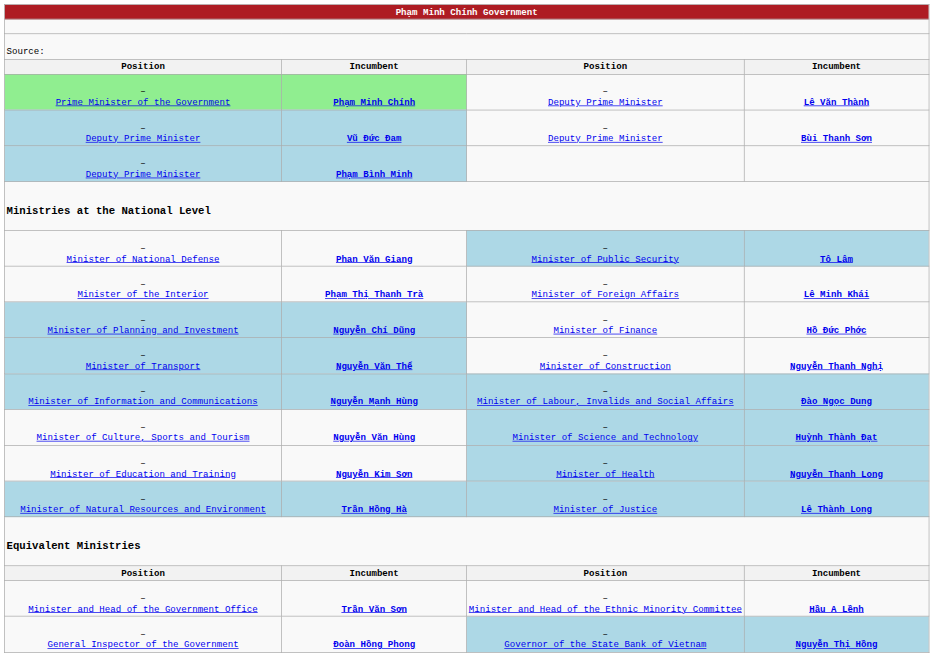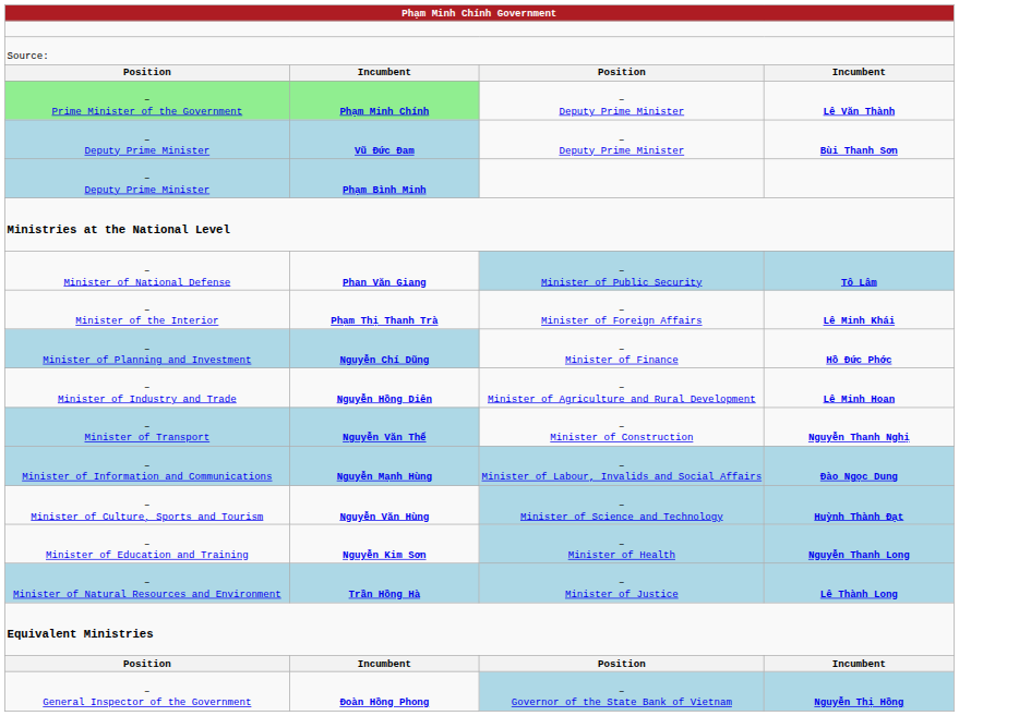 <table class="wikitable mw-collapsible mw-collapsed" style="text-align:center">
 <tr>
 <th colspan="4" style="text-align:center; font-size:100%; color:white; background:#AE1C23;">Phạm Minh Chính Government</th>
 </tr>
 <tr>
 <td colspan="4" style="text-align:left"><br></td>
 </tr>
 <tr>
 <td colspan="4" style="text-align:left"><br>Source:</td>
 </tr>
 <tr>
 <th scope="col" style="width: 30%;">Position<br></th>
 <th scope="col" style="width: 20%;">Incumbent</th>
 <th scope="col" style="width: 30%;">Position<br></th>
 <th scope="col" style="width: 20%;">Incumbent</th>
 </tr>
 <tr>
 <td style="background: #90EE90;"><br>–<br><a href='#'>Prime Minister of the Government</a><br></td>
 <td style="background: #90EE90;"><br><br><strong><a href='#'>Phạm Minh Chính</a></strong><br></td>
 <td><br>–<br><a href='#'>Deputy Prime Minister</a><br></td>
 <td><br><br><strong><a href='#'>Lê Văn Thành</a></strong><br></td>
 </tr>
 <tr>
 <td style="background:lightblue;"><br>–<br><a href='#'>Deputy Prime Minister</a><br></td>
 <td style="background:lightblue;"><br><br><strong><a href='#'>Vũ Đức Đam</a></strong><br></td>
 <td><br>–<br><a href='#'>Deputy Prime Minister</a><br></td>
 <td><br><br><strong><a href='#'>Bùi Thanh Sơn</a></strong><br></td>
 </tr>
 <tr>
 <td style="background:lightblue;"><br>–<br><a href='#'>Deputy Prime Minister</a><br></td>
 <td style="background:lightblue;"><br><br><strong><a href='#'>Phạm Bình Minh</a></strong><br></td>
 <td></td>
 <td></td>
 </tr>
 <tr>
 <td colspan="4" style="text-align:left"><br><h3>Ministries at the National Level</h3></td>
 </tr>
 <tr>
 <td><br>–<br><a href='#'>Minister of National Defense</a> <br></td>
 <td><br><br><strong><a href='#'>Phan Văn Giang</a></strong><br></td>
 <td style="background:lightblue;"><br>–<br><a href='#'>Minister of Public Security</a><br></td>
 <td style="background:lightblue;"><br><br><strong><a href='#'>Tô Lâm</a></strong><br></td>
 </tr>
 <tr>
 <td><br>–<br><a href='#'>Minister of the Interior</a><br></td>
 <td><br><br><strong><a href='#'>Phạm Thị Thanh Trà</a></strong><br></td>
 <td><br>–<br><a href='#'>Minister of Foreign Affairs</a><br></td>
 <td><br><br><strong><a href='#'>Lê Minh Khái</a></strong><br></td>
 </tr>
 <tr>
 <td style="background:lightblue;"><br>–<br><a href='#'>Minister of Planning and Investment</a><br></td>
 <td style="background:lightblue;"><br><br><strong><a href='#'>Nguyễn Chí Dũng</a></strong><br></td>
 <td><br>–<br><a href='#'>Minister of Finance</a><br></td>
 <td><br><br><strong><a href='#'>Hồ Đức Phớc</a></strong><br></td>
 </tr>
 <tr>
+<td><br>–<br><a href='#'>Minister of Industry and Trade</a><br></td>
+<td><br><br><strong><a href='#'>Nguyễn Hồng Diên</a></strong><br></td>
+<td><br>–<br><a href='#'>Minister of Agriculture and Rural Development</a><br></td>
+<td><br><br><strong><a href='#'>Lê Minh Hoan</a></strong><br></td>
+</tr>
+<tr>
 <td style="background:lightblue;"><br>–<br><a href='#'>Minister of Transport</a><br></td>
 <td style="background:lightblue;"><br><br><strong><a href='#'>Nguyễn Văn Thể</a></strong><br></td>
 <td><br>–<br><a href='#'>Minister of Construction</a><br></td>
 <td><br><br><strong><a href='#'>Nguyễn Thanh Nghị</a></strong><br></td>
 </tr>
 <tr>
 <td style="background:lightblue;"><br>–<br><a href='#'>Minister of Information and Communications</a><br></td>
 <td style="background:lightblue;"><br><br><strong><a href='#'>Nguyễn Mạnh Hùng</a></strong><br></td>
 <td style="background:lightblue;"><br>–<br><a href='#'>Minister of Labour, Invalids and Social Affairs</a><br></td>
 <td style="background:lightblue;"><br><br><strong><a href='#'>Đào Ngọc Dung</a></strong><br></td>
 </tr>
 <tr>
 <td><br>–<br><a href='#'>Minister of Culture, Sports and Tourism</a><br></td>
 <td><br><br><strong><a href='#'>Nguyễn Văn Hùng</a></strong><br></td>
 <td style="background:lightblue;"><br>–<br><a href='#'>Minister of Science and Technology</a><br></td>
 <td style="background:lightblue;"><br><br><strong><a href='#'>Huỳnh Thành Đạt</a></strong><br></td>
 </tr>
 <tr>
 <td><br>–<br><a href='#'>Minister of Education and Training</a><br></td>
 <td><br><br><strong><a href='#'>Nguyễn Kim Sơn</a></strong><br></td>
 <td style="background:lightblue;"><br>–<br><a href='#'>Minister of Health</a><br></td>
 <td style="background:lightblue;"><br><br><strong><a href='#'>Nguyễn Thanh Long</a></strong><br></td>
 </tr>
 <tr>
 <td style="background:lightblue;"><br>–<br><a href='#'>Minister of Natural Resources and Environment</a><br></td>
 <td style="background:lightblue;"><br><br><strong><a href='#'>Trần Hồng Hà</a></strong><br></td>
 <td style="background:lightblue;"><br>–<br><a href='#'>Minister of Justice</a><br></td>
 <td style="background:lightblue;"><br><br><strong><a href='#'>Lê Thành Long</a></strong><br></td>
 </tr>
 <tr>
 <td colspan="4" style="text-align:left"><br><h3>Equivalent Ministries</h3></td>
 </tr>
 <tr>
 <th>Position<br></th>
 <th>Incumbent</th>
 <th>Position<br></th>
 <th>Incumbent</th>
 </tr>
 <tr>
-<td> <br>–<br> <a href='#'>Minister and Head of the Government Office</a> <br> </td>
-<td> <br>  <br> <strong><a href='#'>Trần Văn Sơn</a></strong> <br> </td>
-<td> <br>–<br> <a href='#'>Minister and Head of the Ethnic Minority Committee</a> <br></td>
-<td> <br> <br> <strong><a href='#'>Hầu A Lềnh</a></strong> <br> </td>
-</tr>
-<tr>
 <td> <br>–<br> <a href='#'>General Inspector of the Government</a><br> </td>
 <td> <br> <br> <strong><a href='#'>Đoàn Hồng Phong</a></strong> <br> </td>
 <td style="background:lightblue;"><br>–<br> <a href='#'>Governor of the State Bank of Vietnam</a> <br> </td>
 <td style="background:lightblue;"> <br>  <br> <strong><a href='#'>Nguyễn Thị Hồng</a></strong> <br> </td>
 </tr>
 </table>
